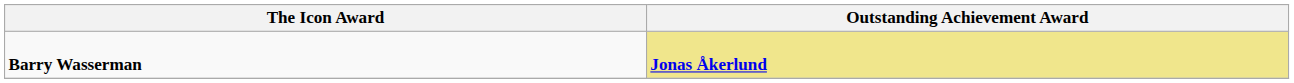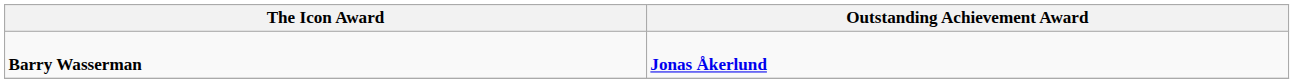 <table class="wikitable" style="width:95%">
 <tr bgcolor="#bebebe">
 <th width="50%">The Icon Award</th>
 <th width="50%">Outstanding Achievement Award</th>
 </tr>
 <tr>
 <td valign="top"><br><strong>Barry Wasserman </strong></td>
-<td valign="top" style="background: khaki;"><br><strong><a href='#'>Jonas Åkerlund</a></strong></td>
+<td valign="top"><br><strong><a href='#'>Jonas Åkerlund</a></strong></td>
 </tr>
 <tr>
 </tr>
 </table>
